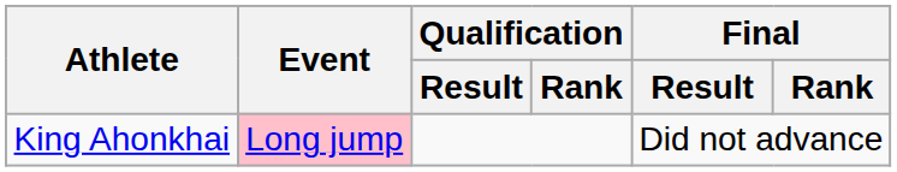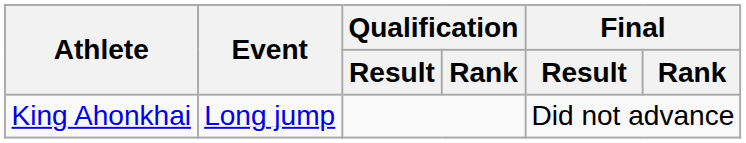 <table class="wikitable" style="font-size:90%; text-align:center">
 <tr>
 <th rowspan="2">Athlete</th>
 <th rowspan="2">Event</th>
 <th colspan="2">Qualification</th>
 <th colspan="2">Final</th>
 </tr>
 <tr>
 <th>Result</th>
 <th>Rank</th>
 <th>Result</th>
 <th>Rank</th>
 </tr>
 <tr>
 <td align="left"><a href='#'>King Ahonkhai</a></td>
-<td align="left" style="background: pink;"><a href='#'>Long jump</a></td>
+<td align="left"><a href='#'>Long jump</a></td>
 <td colspan="2"></td>
 <td colspan="2">Did not advance</td>
 </tr>
 </table>
